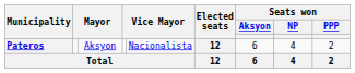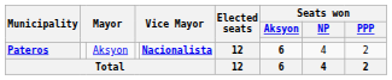 <table class="wikitable" style="text-align:center; font-size: 0.9em;">
 <tr>
 <th rowspan="3">Municipality</th>
 <th colspan="2" rowspan="3" style="width:60px;">Mayor</th>
 <th colspan="2" rowspan="3" style="width:60px;">Vice Mayor</th>
 <th rowspan="3">Elected<br>seats</th>
 <th colspan="3">Seats won</th>
 </tr>
 <tr>
 <th class="unsortable" style="width:45px;"><a href='#'>Aksyon</a></th>
 <th class="unsortable" style="width:45px;"><a href='#'>NP</a></th>
 <th class="unsortable" style="width:45px;"><a href='#'>PPP</a></th>
 </tr>
 <tr>
 <th style="color:inherit;background:"></th>
 <th style="color:inherit;background:"></th>
 <th style="color:inherit;background:"></th>
 </tr>
 <tr>
 <th style="text-align: left;"><a href='#'>Pateros</a></th>
 <td style="color:inherit;background:"></td>
 <td><a href='#'>Aksyon</a></td>
 <td style="color:inherit;background:"></td>
-<td><a href='#'>Nacionalista</a></td>
+<td><strong><a href='#'>Nacionalista</a></strong></td>
 <th>12</th>
-<td>6</td>
+<td><strong>6</strong></td>
 <td>4</td>
 <td>2</td>
 </tr>
 <tr>
 <th colspan="5">Total</th>
 <th>12</th>
 <th>6</th>
 <th>4</th>
 <th>2</th>
 </tr>
 </table>
